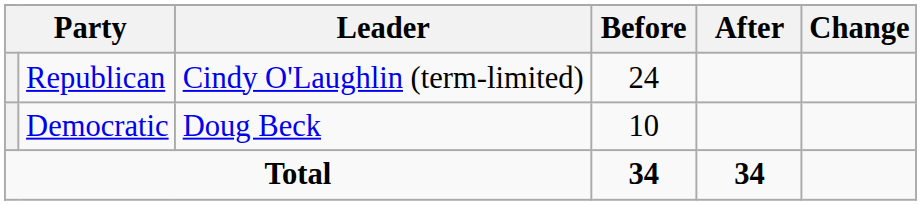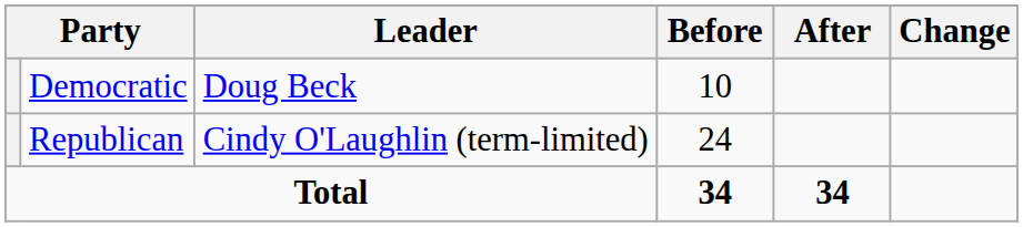 <table class="wikitable" style="text-align:center;">
 <tr>
 </tr>
 <tr>
 <th colspan="2">Party</th>
 <th>Leader</th>
 <th style="width:3em">Before</th>
 <th style="width:3em">After</th>
 <th style="width:3em">Change</th>
 </tr>
 <tr>
 <th style="background-color:"></th>
-<td style="text-align:left;"><a href='#'>Republican</a></td>
-<td style="text-align:left;"><a href='#'>Cindy O'Laughlin</a> (term-limited)</td>
-<td>24</td>
+<td style="text-align:left;"><a href='#'>Democratic</a></td>
+<td style="text-align:left;"><a href='#'>Doug Beck</a></td>
+<td>10</td>
 <td></td>
 <td></td>
 </tr>
 <tr>
 <th style="background-color:"></th>
-<td style="text-align:left;"><a href='#'>Democratic</a></td>
-<td style="text-align:left;"><a href='#'>Doug Beck</a></td>
-<td>10</td>
+<td style="text-align:left;"><a href='#'>Republican</a></td>
+<td style="text-align:left;"><a href='#'>Cindy O'Laughlin</a> (term-limited)</td>
+<td>24</td>
 <td></td>
 <td></td>
 </tr>
 <tr>
 <td colspan="3"><strong>Total</strong></td>
 <td><strong>34</strong></td>
 <td><strong>34</strong></td>
 <td></td>
 </tr>
 </table>
